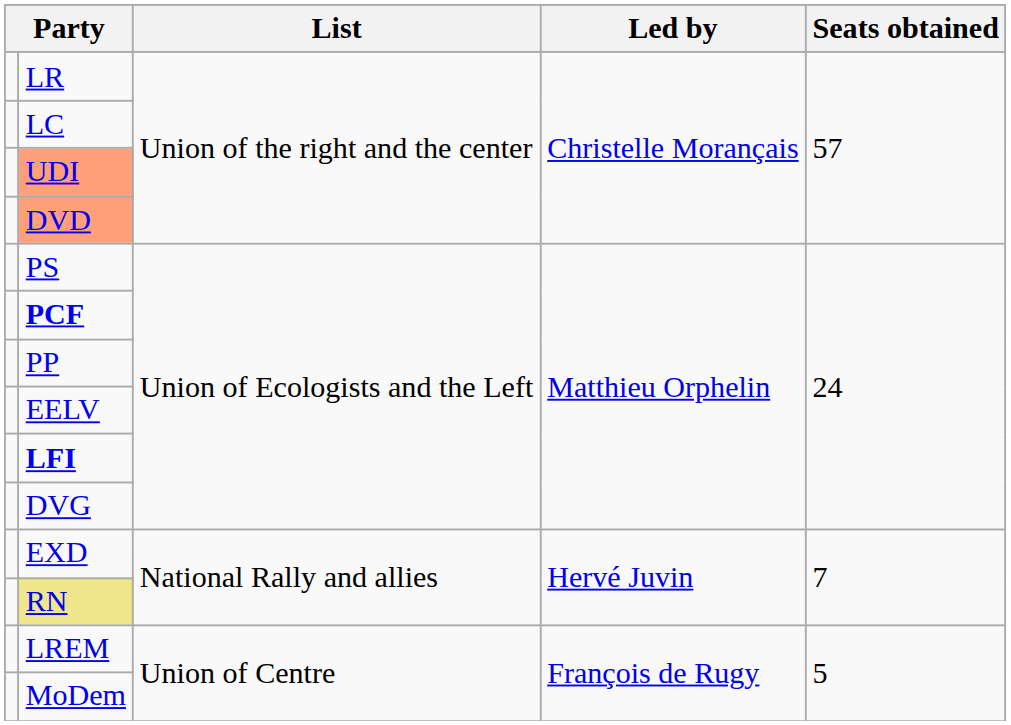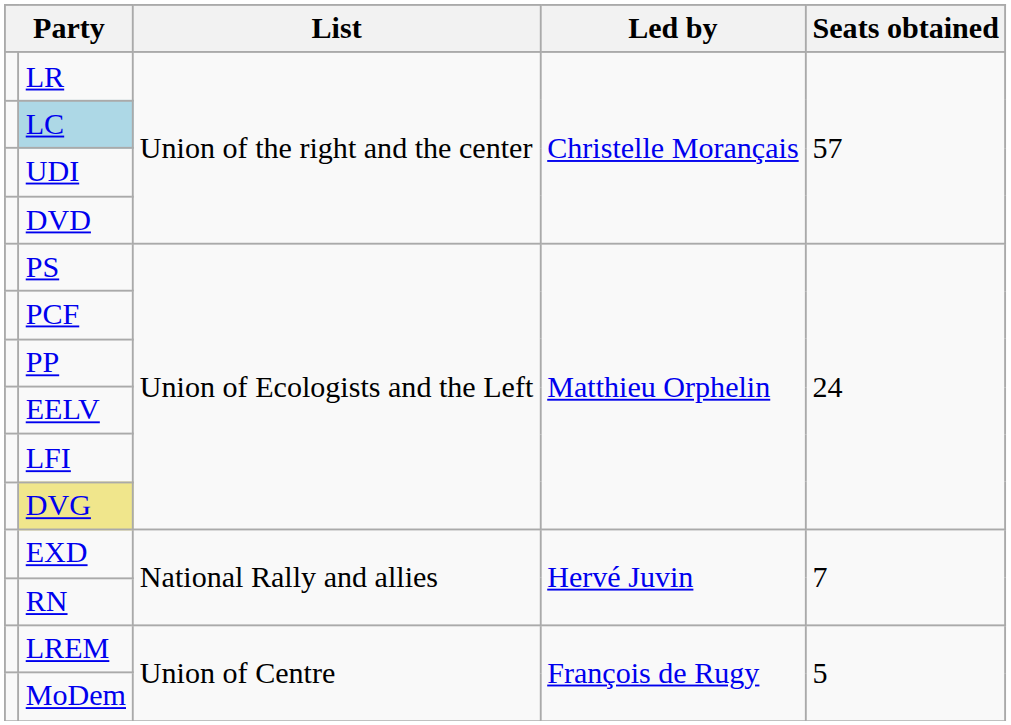 <table class="wikitable">
 <tr>
 <th colspan="2">Party</th>
 <th>List</th>
 <th>Led by</th>
 <th>Seats obtained</th>
 </tr>
 <tr>
 <td style="color:inherit;background:"></td>
 <td><a href='#'>LR</a></td>
 <td rowspan="4">Union of the right and the center</td>
 <td rowspan="4"><a href='#'>Christelle Morançais</a></td>
 <td rowspan="4">57</td>
 </tr>
 <tr>
 <td style="color:inherit;background:"></td>
-<td><a href='#'>LC</a></td>
+<td style="background: lightblue;"><a href='#'>LC</a></td>
 </tr>
 <tr>
 <td style="color:inherit;background:"></td>
-<td style="background: lightsalmon;"><a href='#'>UDI</a></td>
+<td><a href='#'>UDI</a></td>
 </tr>
 <tr>
 <td style="color:inherit;background:"></td>
-<td style="background: lightsalmon;"><a href='#'>DVD</a></td>
+<td><a href='#'>DVD</a></td>
 </tr>
 <tr>
 <td style="color:inherit;background:"></td>
 <td><a href='#'>PS</a></td>
 <td rowspan="6">Union of Ecologists and the Left</td>
 <td rowspan="6"><a href='#'>Matthieu Orphelin</a></td>
 <td rowspan="6">24</td>
 </tr>
 <tr>
 <td style="color:inherit;background:"></td>
-<td><strong><a href='#'>PCF</a></strong></td>
+<td><a href='#'>PCF</a></td>
 </tr>
 <tr>
 <td style="color:inherit;background:"></td>
 <td><a href='#'>PP</a></td>
 </tr>
 <tr>
 <td style="color:inherit;background:"></td>
 <td><a href='#'>EELV</a></td>
 </tr>
 <tr>
 <td style="color:inherit;background:"></td>
-<td><strong><a href='#'>LFI</a></strong></td>
+<td><a href='#'>LFI</a></td>
 </tr>
 <tr>
 <td style="color:inherit;background:"></td>
-<td><a href='#'>DVG</a></td>
+<td style="background: khaki;"><a href='#'>DVG</a></td>
 </tr>
 <tr>
 <td style="color:inherit;background:"></td>
 <td><a href='#'>EXD</a></td>
 <td rowspan="2">National Rally and allies</td>
 <td rowspan="2"><a href='#'>Hervé Juvin</a></td>
 <td rowspan="2">7</td>
 </tr>
 <tr>
 <td style="color:inherit;background:"></td>
-<td style="background: khaki;"><a href='#'>RN</a></td>
+<td><a href='#'>RN</a></td>
 </tr>
 <tr>
 <td style="color:inherit;background:"></td>
 <td><a href='#'>LREM</a></td>
 <td rowspan="2">Union of Centre</td>
 <td rowspan="2"><a href='#'>François de Rugy</a></td>
 <td rowspan="2">5</td>
 </tr>
 <tr>
 <td style="color:inherit;background:"></td>
 <td><a href='#'>MoDem</a></td>
 </tr>
 </table>
